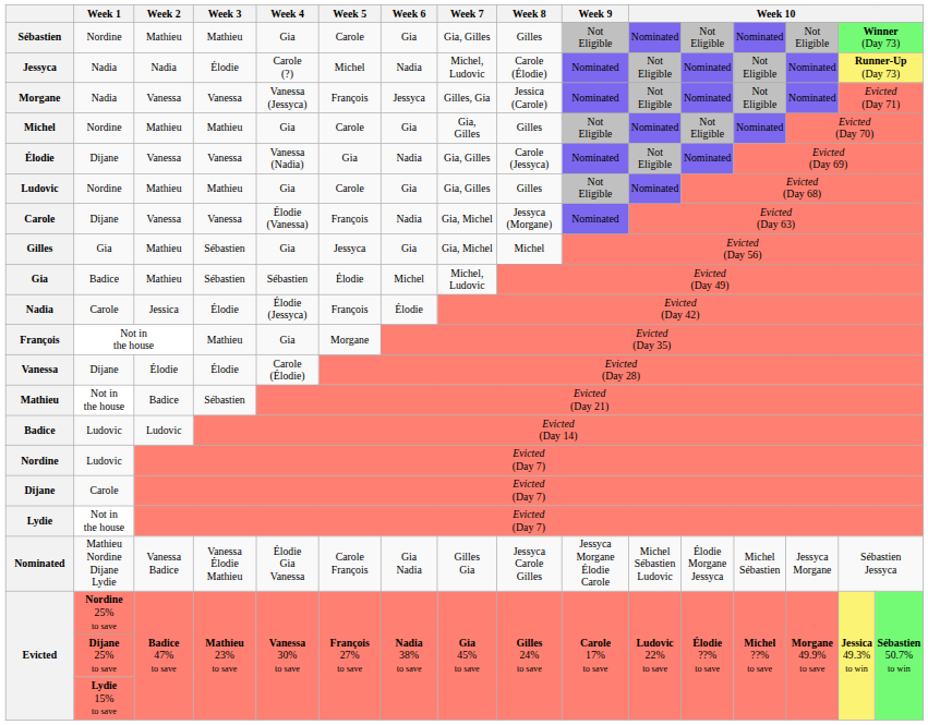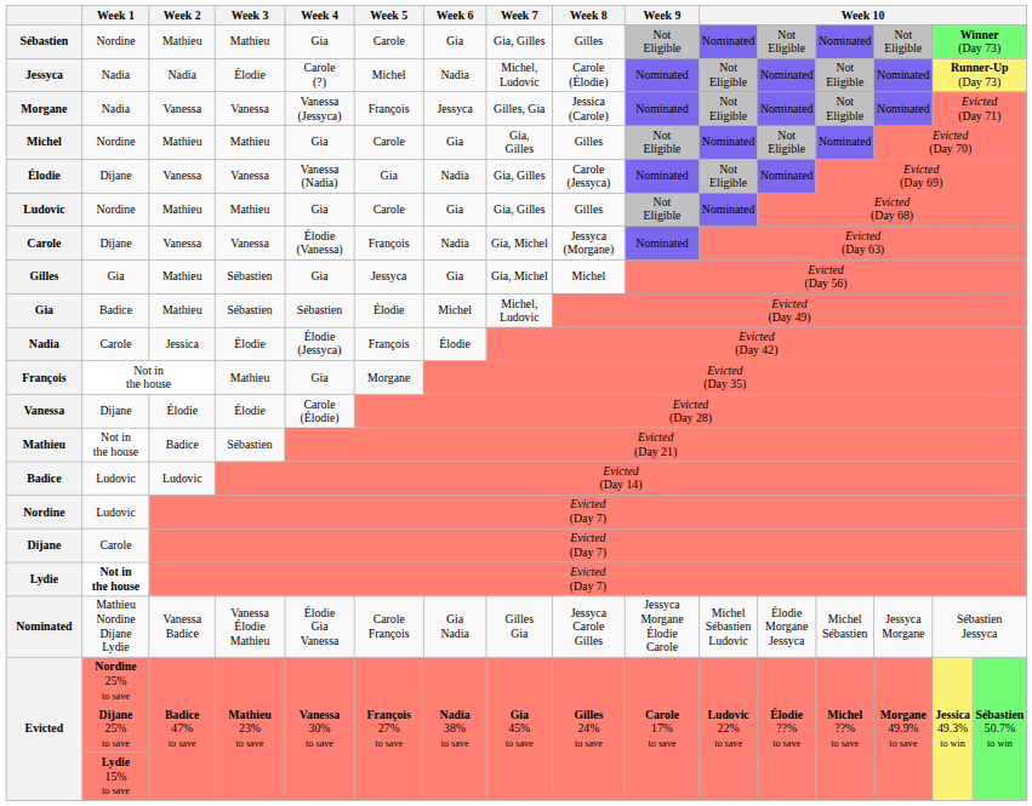 <table class="wikitable" style="font-size:90%; text-align:center; width: 98%; margin-left: auto; margin-right: auto;">
 <tr>
 <th style="width: 10%;"></th>
 <th style="width: 10%;">Week 1</th>
 <th style="width: 10%;">Week 2</th>
 <th style="width: 10%;">Week 3</th>
 <th style="width: 10%;">Week 4</th>
 <th style="width: 10%;">Week 5</th>
 <th style="width: 10%;">Week 6</th>
 <th style="width: 10%;">Week 7</th>
 <th style="width: 10%;">Week 8</th>
 <th style="width: 10%;">Week 9</th>
 <th colspan="6" style="width: 10%;" rowspan=1>Week 10</th>
 </tr>
 <tr>
 <th>Sébastien</th>
 <td>Nordine</td>
 <td>Mathieu</td>
 <td>Mathieu</td>
 <td>Gia</td>
 <td>Carole</td>
 <td>Gia</td>
 <td>Gia, Gilles</td>
 <td>Gilles</td>
 <td style="background:#C0C0C0">Not<br>Eligible</td>
 <td style="background:#7b68ee;">Nominated</td>
 <td style="background:#C0C0C0">Not<br>Eligible</td>
 <td style="background:#7b68ee;">Nominated</td>
 <td style="background:#C0C0C0">Not<br>Eligible</td>
 <td style="background:#73FB76;" colspan="2"><strong>Winner</strong><br>(Day 73)</td>
 </tr>
 <tr>
 <th>Jessyca</th>
 <td>Nadia</td>
 <td>Nadia</td>
 <td>Élodie</td>
 <td>Carole<br>(?)</td>
 <td>Michel</td>
 <td>Nadia</td>
 <td>Michel, Ludovic</td>
 <td>Carole<br>(Élodie)</td>
 <td style="background:#7b68ee;">Nominated</td>
 <td style="background:#C0C0C0">Not<br>Eligible</td>
 <td style="background:#7b68ee;">Nominated</td>
 <td style="background:#C0C0C0">Not<br>Eligible</td>
 <td style="background:#7b68ee;">Nominated</td>
 <td style="background:#FBF373;" colspan="2"><strong>Runner-Up</strong><br>(Day 73)</td>
 </tr>
 <tr>
 <th>Morgane</th>
 <td>Nadia</td>
 <td>Vanessa</td>
 <td>Vanessa</td>
 <td>Vanessa<br>(Jessyca)</td>
 <td>François</td>
 <td>Jessyca</td>
 <td>Gilles, Gia</td>
 <td>Jessica<br>(Carole)</td>
 <td style="background:#7b68ee;">Nominated</td>
 <td style="background:#C0C0C0">Not<br>Eligible</td>
 <td style="background:#7b68ee;">Nominated</td>
 <td style="background:#C0C0C0">Not<br>Eligible</td>
 <td style="background:#7b68ee;">Nominated</td>
 <td style="background:#FF8072"  colspan="2"><em>Evicted</em><br>(Day 71)</td>
 </tr>
 <tr>
 <th>Michel</th>
 <td>Nordine</td>
 <td>Mathieu</td>
 <td>Mathieu</td>
 <td>Gia</td>
 <td>Carole</td>
 <td>Gia</td>
 <td>Gia,<br>Gilles</td>
 <td>Gilles</td>
 <td style="background:#C0C0C0">Not<br>Eligible</td>
 <td style="background:#7b68ee;">Nominated</td>
 <td style="background:#C0C0C0">Not<br>Eligible</td>
 <td style="background:#7b68ee;">Nominated</td>
 <td style="background:#FF8072"  colspan="3"><em>Evicted</em><br>(Day 70)</td>
 </tr>
 <tr>
 <th>Élodie</th>
 <td>Dijane</td>
 <td>Vanessa</td>
 <td>Vanessa</td>
 <td>Vanessa<br>(Nadia)</td>
 <td>Gia</td>
 <td>Nadia</td>
 <td>Gia, Gilles</td>
 <td>Carole<br>(Jessyca)</td>
 <td style="background:#7b68ee;">Nominated</td>
 <td style="background:#C0C0C0">Not<br>Eligible</td>
 <td style="background:#7b68ee;">Nominated</td>
 <td style="background:#FF8072"  colspan="4"><em>Evicted</em><br>(Day 69)</td>
 </tr>
 <tr>
 <th>Ludovic</th>
 <td>Nordine</td>
 <td>Mathieu</td>
 <td>Mathieu</td>
 <td>Gia</td>
 <td>Carole</td>
 <td>Gia</td>
 <td>Gia, Gilles</td>
 <td>Gilles</td>
 <td style="background:#C0C0C0">Not<br>Eligible</td>
 <td style="background:#7b68ee;">Nominated</td>
 <td style="background:#FF8072"  colspan="5"><em>Evicted</em><br>(Day 68)</td>
 </tr>
 <tr>
 <th>Carole</th>
 <td>Dijane</td>
 <td>Vanessa</td>
 <td>Vanessa</td>
 <td>Élodie<br>(Vanessa)</td>
 <td>François</td>
 <td>Nadia</td>
 <td>Gia, Michel</td>
 <td>Jessyca<br>(Morgane)</td>
 <td style="background:#7b68ee;">Nominated</td>
 <td style="background:#FF8072"  colspan="6"><em>Evicted</em><br>(Day 63)</td>
 </tr>
 <tr>
 <th>Gilles</th>
 <td>Gia</td>
 <td>Mathieu</td>
 <td>Sébastien</td>
 <td>Gia</td>
 <td>Jessyca</td>
 <td>Gia</td>
 <td>Gia, Michel</td>
 <td>Michel</td>
 <td style="background:#FF8072"  colspan="7"><em>Evicted</em><br>(Day 56)</td>
 </tr>
 <tr>
 <th>Gia</th>
 <td>Badice</td>
 <td>Mathieu</td>
 <td>Sébastien</td>
 <td>Sébastien</td>
 <td>Élodie</td>
 <td>Michel</td>
 <td>Michel, Ludovic</td>
 <td style="background:#FF8072"  colspan="8"><em>Evicted</em><br>(Day 49)</td>
 </tr>
 <tr>
 <th>Nadia</th>
 <td>Carole</td>
 <td>Jessica</td>
 <td>Élodie</td>
 <td>Élodie<br>(Jessyca)</td>
 <td>François</td>
 <td>Élodie</td>
 <td style="background:#FF8072"  colspan="9"><em>Evicted</em><br>(Day 42)</td>
 </tr>
 <tr>
 <th>François</th>
 <td colspan="2" style="background:white">Not in<br>the house</td>
 <td>Mathieu</td>
 <td>Gia</td>
 <td>Morgane</td>
 <td style="background:#FF8072"  colspan="10"><em>Evicted</em><br>(Day 35)</td>
 </tr>
 <tr>
 <th>Vanessa</th>
 <td>Dijane</td>
 <td>Élodie</td>
 <td>Élodie</td>
 <td>Carole<br>(Élodie)</td>
 <td style="background:#FF8072"  colspan="11"><em>Evicted</em><br>(Day 28)</td>
 </tr>
 <tr>
 <th>Mathieu</th>
 <td style="background:white">Not in<br>the house</td>
 <td>Badice</td>
 <td>Sébastien</td>
 <td style="background:#FF8072"  colspan="12"><em>Evicted</em><br>(Day 21)</td>
 </tr>
 <tr>
 <th>Badice</th>
 <td>Ludovic</td>
 <td>Ludovic</td>
 <td style="background:#FF8072"  colspan="13"><em>Evicted</em><br>(Day 14)</td>
 </tr>
 <tr>
 <th>Nordine</th>
 <td>Ludovic</td>
 <td style="background:#FF8072"  colspan="14"><em>Evicted</em><br>(Day 7)</td>
 </tr>
 <tr>
 <th>Dijane</th>
 <td>Carole</td>
 <td style="background:#FF8072"  colspan="14"><em>Evicted</em><br>(Day 7)</td>
 </tr>
 <tr>
 <th>Lydie</th>
-<td style="background:white">Not in<br>the house</td>
+<td style="background:white"><strong>Not in<br>the house</strong></td>
 <td style="background:#FF8072"  colspan="14"><em>Evicted</em><br>(Day 7)</td>
 </tr>
 <tr>
 <th>Nominated</th>
 <td>Mathieu<br>Nordine<br>Dijane<br>Lydie</td>
 <td>Vanessa<br>Badice</td>
 <td>Vanessa<br>Élodie<br>Mathieu</td>
 <td>Élodie<br>Gia<br>Vanessa</td>
 <td>Carole<br>François</td>
 <td>Gia<br>Nadia</td>
 <td>Gilles<br>Gia</td>
 <td>Jessyca<br>Carole<br>Gilles</td>
 <td>Jessyca<br>Morgane<br>Élodie<br>Carole</td>
 <td>Michel<br>Sébastien<br>Ludovic</td>
 <td>Élodie<br>Morgane<br>Jessyca</td>
 <td>Michel<br>Sébastien</td>
 <td>Jessyca<br>Morgane</td>
 <td colspan="2">Sébastien<br>Jessyca</td>
 </tr>
 <tr>
 <th rowspan="3">Evicted</th>
 <td style="background:#FF8072" rowspan="1"><strong>Nordine</strong><br>25%<br><small>to save</small></td>
 <td style="background:#FF8072" rowspan="3"><strong>Badice</strong><br>47%<br><small>to save</small></td>
 <td style="background:#FF8072" rowspan="3"><strong>Mathieu</strong><br>23%<br><small>to save</small></td>
 <td style="background:#FF8072" rowspan="3"><strong>Vanessa</strong><br>30%<br><small>to save</small></td>
 <td style="background:#FF8072" rowspan="3"><strong>François</strong><br>27%<br><small>to save</small></td>
 <td style="background:#FF8072" rowspan="3"><strong>Nadia</strong><br>38%<br><small>to save</small></td>
 <td style="background:#FF8072" rowspan="3"><strong>Gia</strong><br>45%<br><small>to save</small></td>
 <td style="background:#FF8072" rowspan="3"><strong>Gilles</strong><br>24%<br><small>to save</small></td>
 <td style="background:#FF8072" rowspan="3"><strong>Carole</strong><br>17%<br><small>to save</small></td>
 <td style="background:#FF8072" rowspan="3"><strong>Ludovic</strong><br>22%<br><small>to save</small></td>
 <td style="background:#FF8072" rowspan="3"><strong>Élodie</strong><br>??%<br><small>to save</small></td>
 <td style="background:#FF8072" rowspan="3"><strong>Michel</strong><br>??%<br><small>to save</small></td>
 <td style="background:#FF8072" rowspan="3"><strong>Morgane</strong><br>49.9%<br><small>to save</small></td>
 <td style="background:#FBF373" rowspan="3"><strong>Jessica</strong><br>49.3%<br><small>to win</small></td>
 <td style="background:#73FB76" rowspan="3"><strong>Sébastien</strong><br>50.7%<br><small>to win</small></td>
 </tr>
 <tr>
 <td style="background:#FF8072" rowspan="1"><strong>Dijane</strong><br>25%<br><small>to save</small></td>
 </tr>
 <tr>
 <td style="background:#FF8072" rowspan="1"><strong>Lydie</strong><br>15%<br><small>to save</small></td>
 </tr>
 </table>
